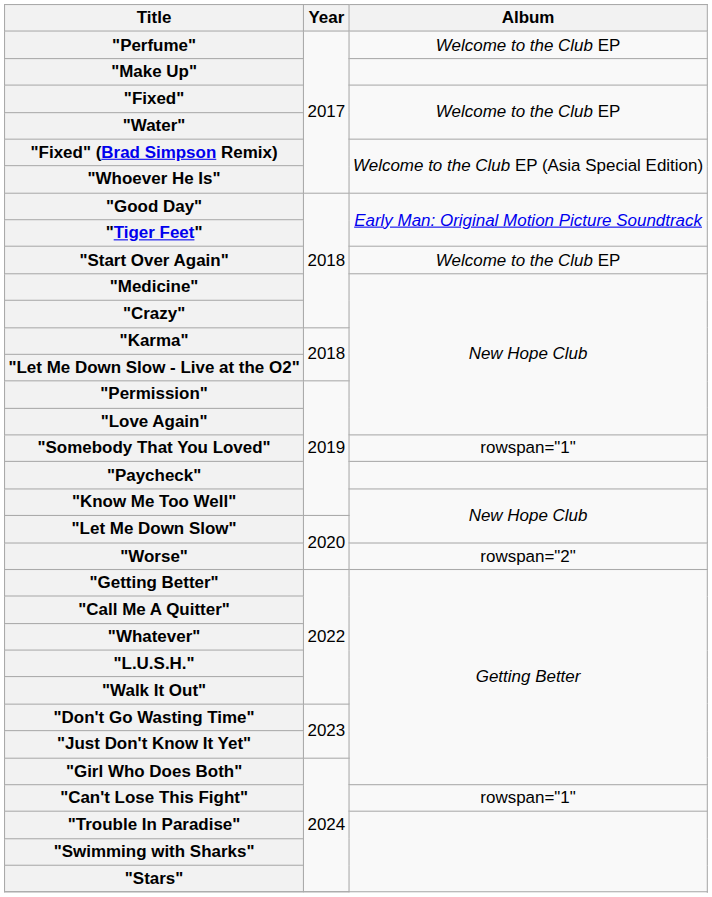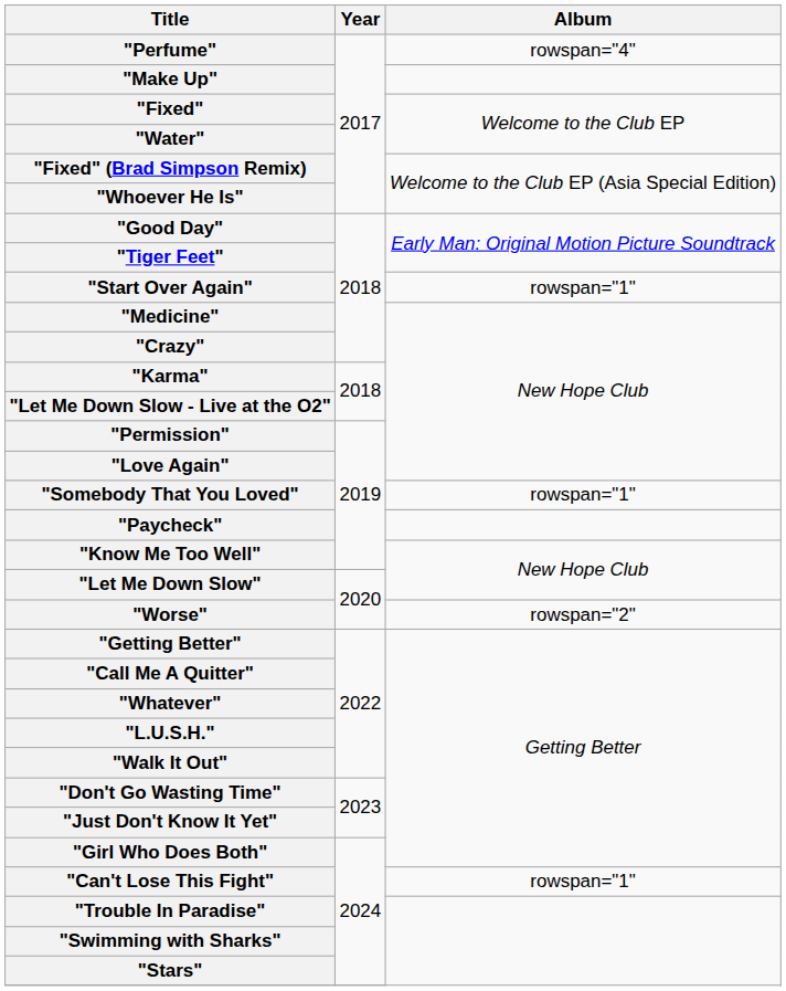 <table class="wikitable plainrowheaders" style="text-align:center;">
 <tr>
 <th scope="col">Title</th>
 <th scope="col">Year</th>
 <th scope="col">Album</th>
 </tr>
 <tr>
 <th scope="row">"Perfume"</th>
 <td rowspan="6">2017</td>
-<td><em>Welcome to the Club</em> EP</td>
+<td>rowspan="4" </td>
 </tr>
 <tr>
 <th scope="row">"Make Up"</th>
 <td></td>
 </tr>
 <tr>
 <th scope="row">"Fixed"</th>
 <td rowspan="2"><em>Welcome to the Club</em> EP</td>
 </tr>
 <tr>
 <th scope="row">"Water"</th>
 </tr>
 <tr>
 <th scope="row">"Fixed" (<a href='#'>Brad Simpson</a> Remix)</th>
 <td rowspan="2"><em>Welcome to the Club</em> EP (Asia Special Edition)</td>
 </tr>
 <tr>
 <th scope="row">"Whoever He Is"</th>
 </tr>
 <tr>
 <th scope="row">"Good Day"</th>
 <td rowspan="5">2018</td>
 <td rowspan="2"><em><a href='#'>Early Man: Original Motion Picture Soundtrack</a></em></td>
 </tr>
 <tr>
 <th scope="row">"<a href='#'>Tiger Feet</a>"</th>
 </tr>
 <tr>
 <th scope="row">"Start Over Again"</th>
-<td><em>Welcome to the Club</em> EP</td>
+<td>rowspan="1" </td>
 </tr>
 <tr>
 <th scope="row">"Medicine"</th>
 <td rowspan="6"><em>New Hope Club</em></td>
 </tr>
 <tr>
 <th scope="row">"Crazy"</th>
 </tr>
 <tr>
 <th scope="row">"Karma"</th>
 <td rowspan="2">2018</td>
 </tr>
 <tr>
 <th scope="row">"Let Me Down Slow - Live at the O2"</th>
 </tr>
 <tr>
 <th scope="row">"Permission"</th>
 <td rowspan="5">2019</td>
 </tr>
 <tr>
 <th scope="row">"Love Again"</th>
 </tr>
 <tr>
 <th scope="row">"Somebody That You Loved"</th>
 <td>rowspan="1" </td>
 </tr>
 <tr>
 <th scope="row">"Paycheck"</th>
 </tr>
 <tr>
 <th scope="row">"Know Me Too Well"<br></th>
 <td rowspan="2"><em>New Hope Club</em></td>
 </tr>
 <tr>
 <th scope="row">"Let Me Down Slow"<br></th>
 <td rowspan="2">2020</td>
 </tr>
 <tr>
 <th scope="row">"Worse"</th>
 <td>rowspan="2" </td>
 </tr>
 <tr>
 <th scope="row">"Getting Better"</th>
 <td rowspan="5">2022</td>
 <td rowspan="8"><em>Getting Better</em></td>
 </tr>
 <tr>
 <th scope="row">"Call Me A Quitter"</th>
 </tr>
 <tr>
 <th scope="row">"Whatever"</th>
 </tr>
 <tr>
 <th scope="row">"L.U.S.H."</th>
 </tr>
 <tr>
 <th scope="row">"Walk It Out"</th>
 </tr>
 <tr>
 <th scope="row">"Don't Go Wasting Time"</th>
 <td rowspan="2">2023</td>
 </tr>
 <tr>
 <th scope="row">"Just Don't Know It Yet"</th>
 </tr>
 <tr>
 <th scope="row">"Girl Who Does Both"</th>
 <td rowspan="5">2024</td>
 </tr>
 <tr>
 <th scope="row">"Can't Lose This Fight"</th>
 <td>rowspan="1" </td>
 </tr>
 <tr>
 <th scope="row">"Trouble In Paradise"</th>
 </tr>
 <tr>
 <th scope="row">"Swimming with Sharks"</th>
 </tr>
 <tr>
 <th scope="row">"Stars"</th>
 </tr>
 <tr>
 </tr>
 </table>
